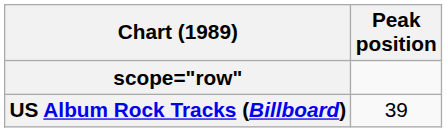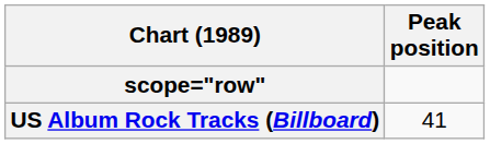 <table class="wikitable sortable plainrowheaders" style="text-align:center">
 <tr>
 <th>Chart (1989)</th>
 <th>Peak<br>position</th>
 </tr>
 <tr>
 <th>scope="row" </th>
 </tr>
 <tr>
 <th scope="row">US <a href='#'>Album Rock Tracks</a> (<em><a href='#'>Billboard</a></em>)</th>
-<td>39</td>
+<td>41</td>
 </tr>
 </table>
